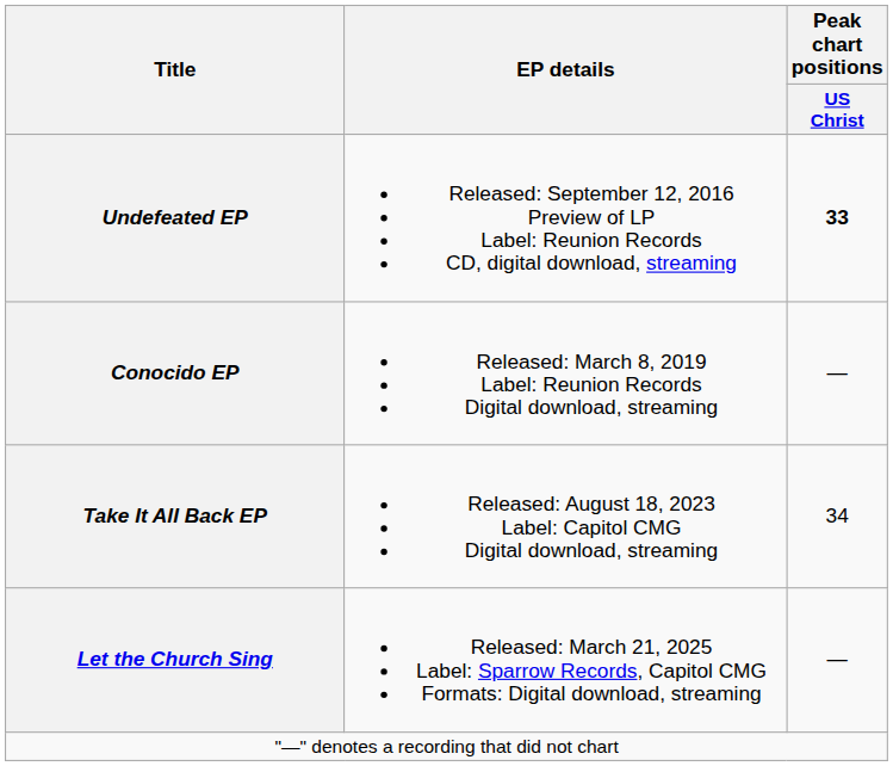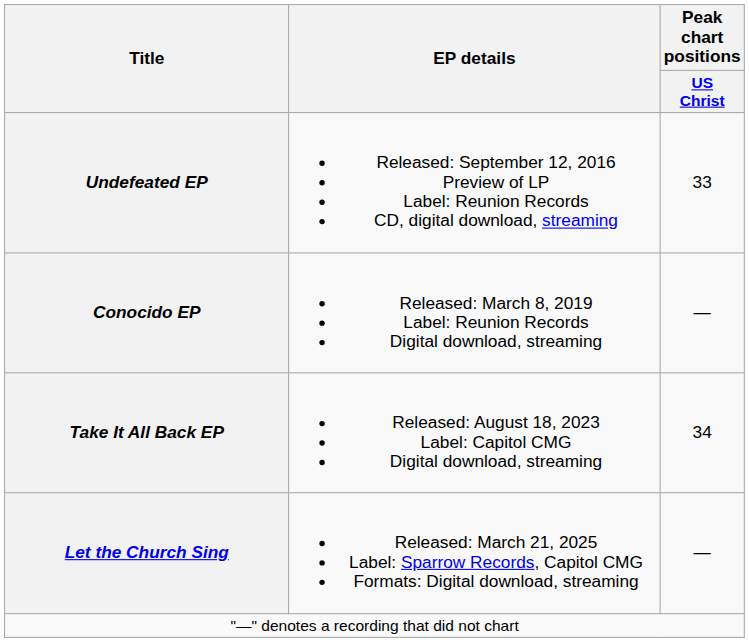 <table class="wikitable plainrowheaders" style="text-align:center;">
 <tr>
 <th scope="col" rowspan="2" style="width:16em;">Title</th>
 <th scope="col" rowspan="2" style="width:21em;">EP details</th>
 <th scope="col" colspan="1">Peak chart positions</th>
 </tr>
 <tr>
 <th style="width:3em; font-size:90%"><a href='#'>US<br>Christ</a><br></th>
 </tr>
 <tr>
 <th scope="row"><em>Undefeated EP</em></th>
 <td><br><ul><li>Released: September 12, 2016</li><li>Preview of LP</li><li>Label: Reunion Records</li><li>CD, digital download, <a href='#'>streaming</a></li></ul></td>
-<td><strong>33</strong></td>
+<td>33</td>
 </tr>
 <tr>
 <th scope="row"><em>Conocido EP</em></th>
 <td><br><ul><li>Released: March 8, 2019</li><li>Label: Reunion Records</li><li>Digital download, streaming</li></ul></td>
 <td>—</td>
 </tr>
 <tr>
 <th scope="row"><em>Take It All Back EP</em></th>
 <td><br><ul><li>Released: August 18, 2023</li><li>Label: Capitol CMG</li><li>Digital download, streaming</li></ul></td>
 <td>34</td>
 </tr>
 <tr>
 <th scope="row"><em><a href='#'>Let the Church Sing</a></em></th>
 <td><br><ul><li>Released: March 21, 2025</li><li>Label: <a href='#'>Sparrow Records</a>, Capitol CMG</li><li>Formats: Digital download, streaming</li></ul></td>
 <td>—</td>
 </tr>
 <tr>
 <td colspan="3" style="font-size:90%">"—" denotes a recording that did not chart</td>
 </tr>
 </table>
